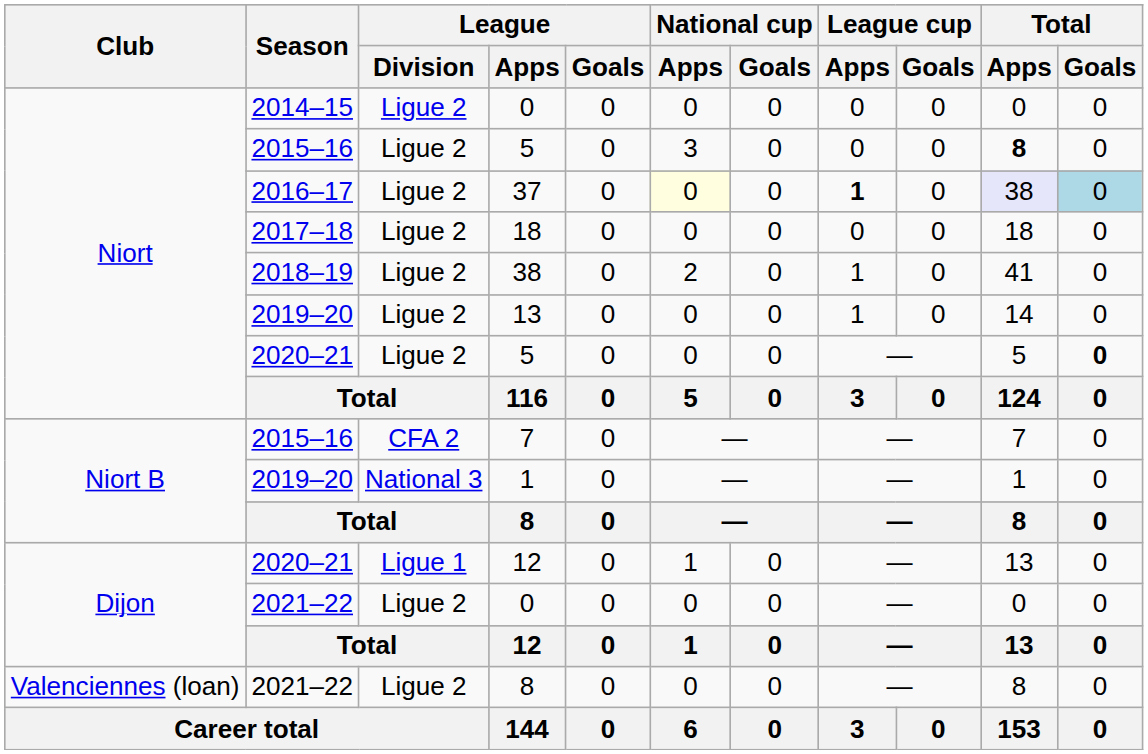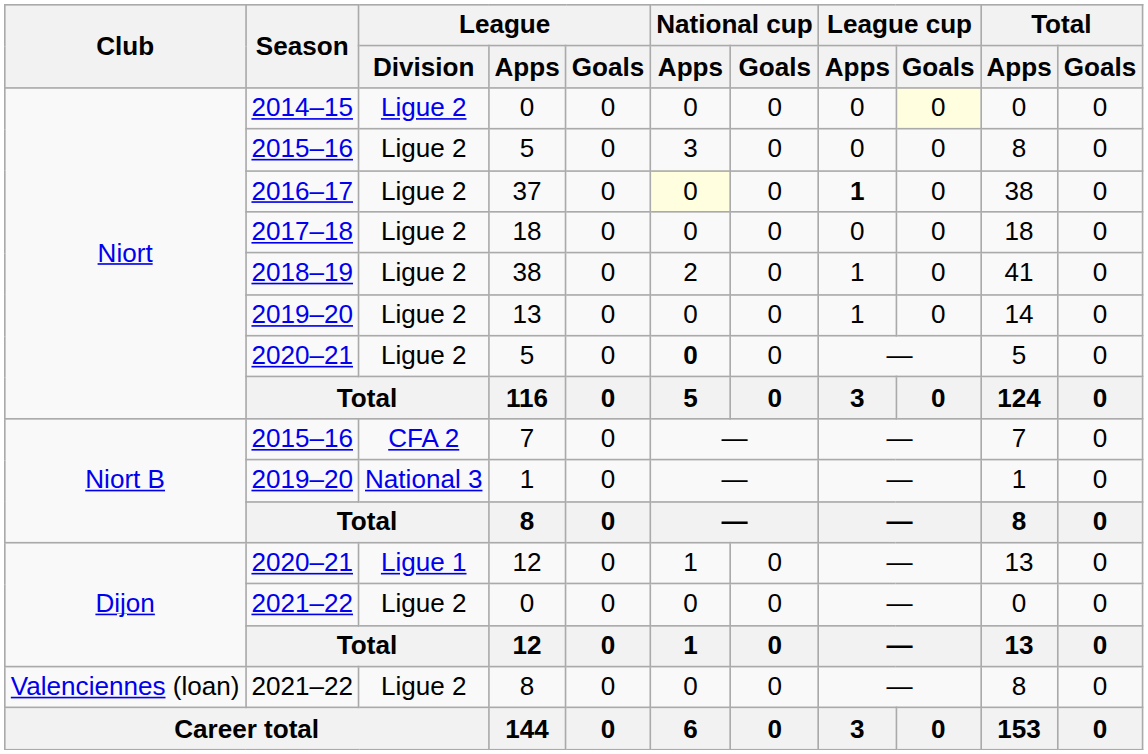 <table class="wikitable" style="text-align:center">
 <tr>
 <th rowspan="2">Club</th>
 <th rowspan="2">Season</th>
 <th colspan="3">League</th>
 <th colspan="2">National cup</th>
 <th colspan="2">League cup</th>
 <th colspan="2">Total</th>
 </tr>
 <tr>
 <th>Division</th>
 <th>Apps</th>
 <th>Goals</th>
 <th>Apps</th>
 <th>Goals</th>
 <th>Apps</th>
 <th>Goals</th>
 <th>Apps</th>
 <th>Goals</th>
 </tr>
 <tr>
 <td rowspan="8"><a href='#'>Niort</a></td>
 <td><a href='#'>2014–15</a></td>
 <td><a href='#'>Ligue 2</a></td>
 <td>0</td>
 <td>0</td>
 <td>0</td>
 <td>0</td>
 <td>0</td>
-<td>0</td>
+<td style="background: lightyellow;">0</td>
 <td>0</td>
 <td>0</td>
 </tr>
 <tr>
 <td><a href='#'>2015–16</a></td>
 <td>Ligue 2</td>
 <td>5</td>
 <td>0</td>
 <td>3</td>
 <td>0</td>
 <td>0</td>
 <td>0</td>
-<td><strong>8</strong></td>
+<td>8</td>
 <td>0</td>
 </tr>
 <tr>
 <td><a href='#'>2016–17</a></td>
 <td>Ligue 2</td>
 <td>37</td>
 <td>0</td>
 <td style="background: lightyellow;">0</td>
 <td>0</td>
 <td><strong>1</strong></td>
 <td>0</td>
-<td style="background: lavender;">38</td>
-<td style="background: lightblue;">0</td>
+<td>38</td>
+<td>0</td>
 </tr>
 <tr>
 <td><a href='#'>2017–18</a></td>
 <td>Ligue 2</td>
 <td>18</td>
 <td>0</td>
 <td>0</td>
 <td>0</td>
 <td>0</td>
 <td>0</td>
 <td>18</td>
 <td>0</td>
 </tr>
 <tr>
 <td><a href='#'>2018–19</a></td>
 <td>Ligue 2</td>
 <td>38</td>
 <td>0</td>
 <td>2</td>
 <td>0</td>
 <td>1</td>
 <td>0</td>
 <td>41</td>
 <td>0</td>
 </tr>
 <tr>
 <td><a href='#'>2019–20</a></td>
 <td>Ligue 2</td>
 <td>13</td>
 <td>0</td>
 <td>0</td>
 <td>0</td>
 <td>1</td>
 <td>0</td>
 <td>14</td>
 <td>0</td>
 </tr>
 <tr>
 <td><a href='#'>2020–21</a></td>
 <td>Ligue 2</td>
 <td>5</td>
 <td>0</td>
-<td>0</td>
+<td><strong>0</strong></td>
 <td>0</td>
 <td colspan="2">—</td>
 <td>5</td>
-<td><strong>0</strong></td>
+<td>0</td>
 </tr>
 <tr>
 <th colspan="2">Total</th>
 <th>116</th>
 <th>0</th>
 <th>5</th>
 <th>0</th>
 <th>3</th>
 <th>0</th>
 <th>124</th>
 <th>0</th>
 </tr>
 <tr>
 <td rowspan="3"><a href='#'>Niort B</a></td>
 <td><a href='#'>2015–16</a></td>
 <td><a href='#'>CFA 2</a></td>
 <td>7</td>
 <td>0</td>
 <td colspan="2">—</td>
 <td colspan="2">—</td>
 <td>7</td>
 <td>0</td>
 </tr>
 <tr>
 <td><a href='#'>2019–20</a></td>
 <td><a href='#'>National 3</a></td>
 <td>1</td>
 <td>0</td>
 <td colspan="2">—</td>
 <td colspan="2">—</td>
 <td>1</td>
 <td>0</td>
 </tr>
 <tr>
 <th colspan="2">Total</th>
 <th>8</th>
 <th>0</th>
 <th colspan="2">—</th>
 <th colspan="2">—</th>
 <th>8</th>
 <th>0</th>
 </tr>
 <tr>
 <td rowspan="3"><a href='#'>Dijon</a></td>
 <td><a href='#'>2020–21</a></td>
 <td><a href='#'>Ligue 1</a></td>
 <td>12</td>
 <td>0</td>
 <td>1</td>
 <td>0</td>
 <td colspan="2">—</td>
 <td>13</td>
 <td>0</td>
 </tr>
 <tr>
 <td><a href='#'>2021–22</a></td>
 <td>Ligue 2</td>
 <td>0</td>
 <td>0</td>
 <td>0</td>
 <td>0</td>
 <td colspan="2">—</td>
 <td>0</td>
 <td>0</td>
 </tr>
 <tr>
 <th colspan="2">Total</th>
 <th>12</th>
 <th>0</th>
 <th>1</th>
 <th>0</th>
 <th colspan="2">—</th>
 <th>13</th>
 <th>0</th>
 </tr>
 <tr>
 <td><a href='#'>Valenciennes</a> (loan)</td>
 <td>2021–22</td>
 <td>Ligue 2</td>
 <td>8</td>
 <td>0</td>
 <td>0</td>
 <td>0</td>
 <td colspan="2">—</td>
 <td>8</td>
 <td>0</td>
 </tr>
 <tr>
 <th colspan="3">Career total</th>
 <th>144</th>
 <th>0</th>
 <th>6</th>
 <th>0</th>
 <th>3</th>
 <th>0</th>
 <th>153</th>
 <th>0</th>
 </tr>
 </table>
